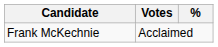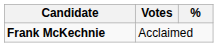 <table class="wikitable">
 <tr>
 <th style="width: 170px">Candidate</th>
 <th style="width: 50px">Votes</th>
 <th style="width: 40px">%</th>
 </tr>
 <tr>
-<td>Frank McKechnie</td>
+<td><strong>Frank McKechnie</strong></td>
 <td colspan="2">Acclaimed</td>
 </tr>
 </table>
